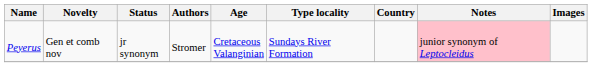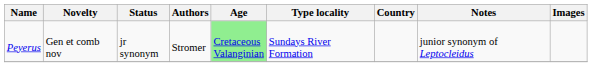 <table class="wikitable sortable" align="center" width="100%">
 <tr>
 <th>Name</th>
 <th>Novelty</th>
 <th>Status</th>
 <th>Authors</th>
 <th>Age</th>
 <th>Type locality</th>
 <th>Country</th>
 <th>Notes</th>
 <th>Images</th>
 </tr>
 <tr>
 <td><br><em><a href='#'>Peyerus</a></em></td>
 <td><br>Gen et comb nov</td>
 <td><br>jr synonym</td>
 <td><br>Stromer</td>
-<td><br><a href='#'>Cretaceous</a><br><a href='#'>Valanginian</a></td>
+<td style="background: lightgreen;"><br><a href='#'>Cretaceous</a><br><a href='#'>Valanginian</a></td>
 <td><br><a href='#'>Sundays River Formation</a></td>
 <td><br></td>
-<td style="background: pink;"><br>junior synonym of <em><a href='#'>Leptocleidus</a></em></td>
+<td><br>junior synonym of <em><a href='#'>Leptocleidus</a></em></td>
 <td><br></td>
 </tr>
 <tr>
 </tr>
 </table>
